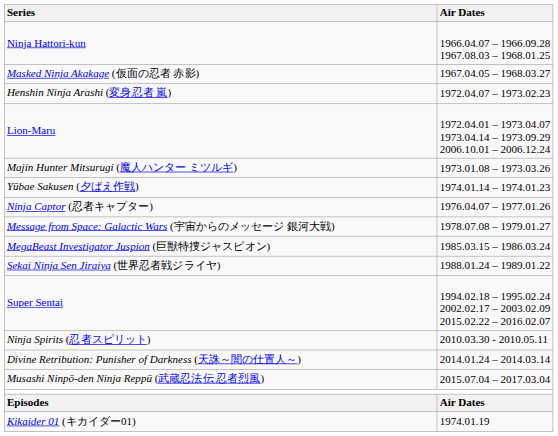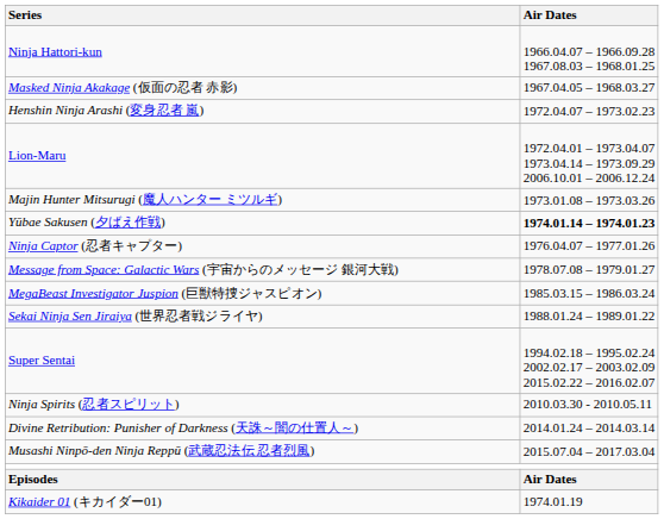 <table class="wikitable" border="1">
 <tr>
 <th width="620" style="text-align:left;">Series</th>
 <th width="160" style="text-align:left;">Air Dates</th>
 </tr>
 <tr>
 <td><a href='#'>Ninja Hattori-kun</a><br></td>
 <td><br>1966.04.07 – 1966.09.28<br>1967.08.03 – 1968.01.25</td>
 </tr>
 <tr>
 <td><em><a href='#'>Masked Ninja Akakage</a></em> (仮面の忍者 赤影) </td>
 <td>1967.04.05 – 1968.03.27</td>
 </tr>
 <tr>
 <td><em>Henshin Ninja Arashi</em> (<a href='#'>変身忍者 嵐</a>) </td>
 <td>1972.04.07 – 1973.02.23</td>
 </tr>
 <tr>
 <td><a href='#'>Lion-Maru</a><br></td>
 <td><br>1972.04.01 – 1973.04.07<br>1973.04.14 – 1973.09.29<br>2006.10.01 – 2006.12.24</td>
 </tr>
 <tr>
 <td><em>Majin Hunter Mitsurugi</em> (<a href='#'>魔人ハンター ミツルギ</a>) </td>
 <td>1973.01.08 – 1973.03.26</td>
 </tr>
 <tr>
 <td><em>Yūbae Sakusen</em> (<a href='#'>夕ばえ作戦</a>)</td>
-<td>1974.01.14 – 1974.01.23</td>
+<td><strong>1974.01.14 – 1974.01.23</strong></td>
 </tr>
 <tr>
 <td><em><a href='#'>Ninja Captor</a></em> (忍者キャプター)</td>
 <td>1976.04.07 – 1977.01.26</td>
 </tr>
 <tr>
 <td><em> <a href='#'>Message from Space: Galactic Wars</a></em> (宇宙からのメッセージ 銀河大戦)</td>
 <td>1978.07.08 – 1979.01.27</td>
 </tr>
 <tr>
 <td><em><a href='#'>MegaBeast Investigator Juspion</a></em> (巨獣特捜ジャスピオン)</td>
 <td>1985.03.15 – 1986.03.24</td>
 </tr>
 <tr>
 <td><em><a href='#'>Sekai Ninja Sen Jiraiya</a></em> (世界忍者戦ジライヤ)</td>
 <td>1988.01.24 – 1989.01.22</td>
 </tr>
 <tr>
 <td><a href='#'>Super Sentai</a><br></td>
 <td><br> 1994.02.18 – 1995.02.24<br>2002.02.17 – 2003.02.09<br>2015.02.22 – 2016.02.07</td>
 </tr>
 <tr>
 <td><em>Ninja Spirits</em> (<a href='#'>忍者スピリット</a>)</td>
 <td>2010.03.30 - 2010.05.11</td>
 </tr>
 <tr>
 <td><em>Divine Retribution: Punisher of Darkness</em> (<a href='#'>天誅～闇の仕置人～</a>)</td>
 <td>2014.01.24 – 2014.03.14</td>
 </tr>
 <tr>
 <td><em>Musashi Ninpō-den Ninja Reppū</em> (<a href='#'>武蔵忍法伝 忍者烈風</a>)</td>
 <td>2015.07.04 – 2017.03.04</td>
 </tr>
 <tr>
 <td style="background: white" colspan="3"></td>
 </tr>
 <tr>
 <th width="620" style="text-align:left;">Episodes</th>
 <th width="160" style="text-align:left;">Air Dates</th>
 </tr>
 <tr>
 <td><em><a href='#'>Kikaider 01</a></em> (キカイダー01)<br></td>
 <td>1974.01.19</td>
 </tr>
 </table>
